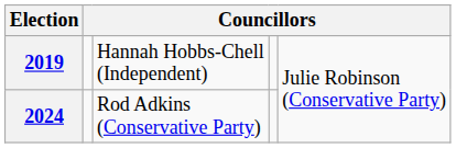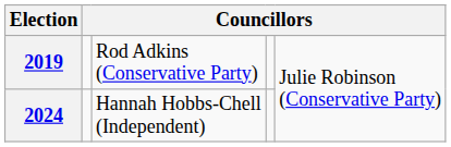 <table class="wikitable">
 <tr>
 <th>Election</th>
 <th colspan="4">Councillors</th>
 </tr>
 <tr>
 <th><a href='#'>2019</a></th>
 <td rowspan="1;" style="background-color: "></td>
-<td rowspan="1">Hannah Hobbs-Chell<br>(Independent)</td>
+<td rowspan="1">Rod Adkins<br>(<a href='#'>Conservative Party</a>)</td>
 <td rowspan="1;" style="background-color: "></td>
 <td rowspan="2">Julie Robinson<br>(<a href='#'>Conservative Party</a>)</td>
 </tr>
 <tr>
 <th><a href='#'>2024</a></th>
 <td></td>
-<td rowspan="1">Rod Adkins<br>(<a href='#'>Conservative Party</a>)</td>
+<td rowspan="1">Hannah Hobbs-Chell<br>(Independent)</td>
 <td rowspan="1;" style="background-color: "></td>
 </tr>
 </table>
